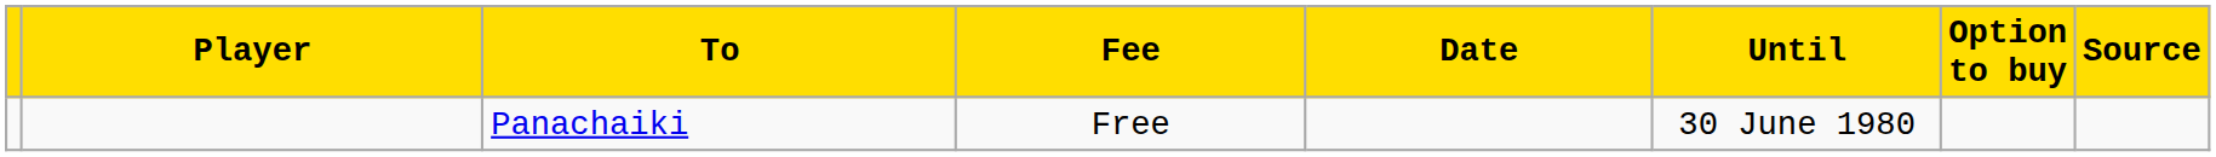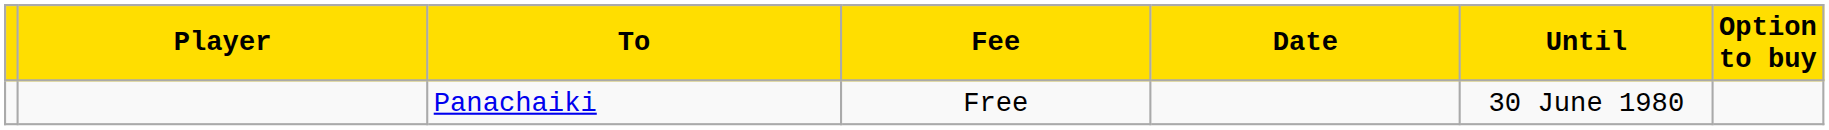 <table class="wikitable sortable">
 <tr>
 <th style="background:#FFDE00"></th>
 <th width=200 style="background:#FFDE00">Player</th>
 <th width=200 style="background:#FFDE00">To</th>
 <th width=150 style="background:#FFDE00">Fee</th>
 <th width=150 style="background:#FFDE00">Date</th>
 <th width=120 style="background:#FFDE00">Until</th>
 <th style="background:#FFDE00">Option to buy</th>
-<th style="background:#FFDE00">Source</th>
 </tr>
 <tr>
 <td align=center></td>
 <td></td>
 <td> <a href='#'>Panachaiki</a></td>
 <td align=center>Free</td>
 <td align=center></td>
 <td align=center>30 June 1980</td>
 <td align=center></td>
-<td align=center></td>
 </tr>
 </table>
